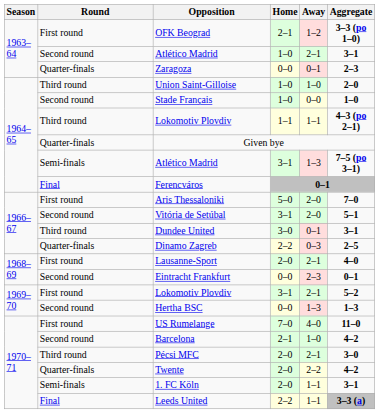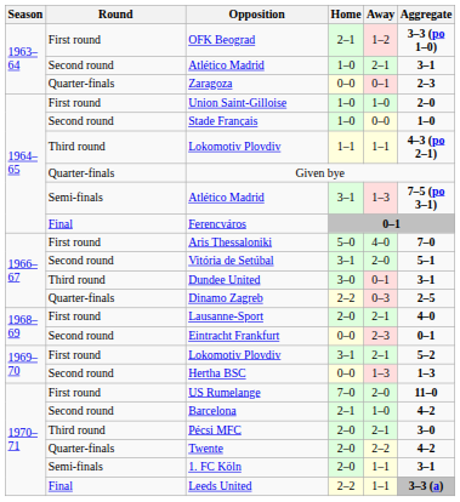 <table class="wikitable">
 <tr>
 <th>Season</th>
 <th width=200>Round</th>
 <th width=200>Opposition</th>
 <th>Home</th>
 <th>Away</th>
 <th>Aggregate</th>
 </tr>
 <tr>
 <td rowspan='3'><a href='#'>1963–64</a></td>
 <td>First round</td>
 <td> <a href='#'>OFK Beograd</a></td>
 <td style="text-align:center; background:#dfd;">2–1</td>
 <td style="text-align:center; background:#fdd;">1–2</td>
 <td style="text-align:center;"><strong>3–3 (<a href='#'>po</a> 1–0)</strong></td>
 </tr>
 <tr>
 <td>Second round</td>
 <td> <a href='#'>Atlético Madrid</a></td>
 <td style="text-align:center; background:#dfd;">1–0</td>
 <td style="text-align:center; background:#dfd;">2–1</td>
 <td style="text-align:center;"><strong>3–1</strong></td>
 </tr>
 <tr>
 <td>Quarter-finals</td>
 <td> <a href='#'>Zaragoza</a></td>
 <td style="text-align:center; background:#ffd;">0–0</td>
 <td style="text-align:center; background:#fdd;">0–1 </td>
 <td style="text-align:center;"><strong>2–3</strong></td>
 </tr>
 <tr>
 <td rowspan='6'><a href='#'>1964–65</a></td>
-<td>Third round</td>
+<td>First round</td>
 <td> <a href='#'>Union Saint-Gilloise</a></td>
 <td style="text-align:center; background:#dfd;">1–0</td>
 <td style="text-align:center; background:#dfd;">1–0</td>
 <td style="text-align:center;"><strong>2–0</strong></td>
 </tr>
 <tr>
 <td>Second round</td>
 <td> <a href='#'>Stade Français</a></td>
 <td style="text-align:center; background:#dfd;">1–0</td>
 <td style="text-align:center; background:#ffd;">0–0</td>
 <td style="text-align:center;"><strong>1–0</strong></td>
 </tr>
 <tr>
 <td>Third round</td>
 <td> <a href='#'>Lokomotiv Plovdiv</a></td>
 <td style="text-align:center; background:#ffd;">1–1</td>
 <td style="text-align:center; background:#ffd;">1–1</td>
 <td style="text-align:center;"><strong>4–3 (<a href='#'>po</a> 2–1)</strong></td>
 </tr>
 <tr>
 <td>Quarter-finals</td>
 <td colspan='4' align=center>Given bye</td>
 </tr>
 <tr>
 <td>Semi-finals</td>
 <td> <a href='#'>Atlético Madrid</a></td>
 <td style="text-align:center; background:#dfd;">3–1</td>
 <td style="text-align:center; background:#fdd;">1–3</td>
 <td style="text-align:center;"><strong>7–5 (<a href='#'>po</a> 3–1)</strong></td>
 </tr>
 <tr>
 <td><a href='#'>Final</a></td>
 <td> <a href='#'>Ferencváros</a></td>
 <td colspan=3 bgcolor=Silver style="text-align:center;"><strong>0–1</strong></td>
 </tr>
 <tr>
 <td rowspan='4'><a href='#'>1966–67</a></td>
 <td>First round</td>
 <td> <a href='#'>Aris Thessaloniki</a></td>
 <td style="text-align:center; background:#dfd;">5–0</td>
-<td style="text-align:center; background:#dfd;">2–0</td>
+<td style="text-align:center; background:#dfd;">4–0</td>
 <td style="text-align:center;"><strong>7–0</strong></td>
 </tr>
 <tr>
 <td>Second round</td>
 <td> <a href='#'>Vitória de Setúbal</a></td>
 <td style="text-align:center; background:#dfd;">3–1</td>
 <td style="text-align:center; background:#dfd;">2–0</td>
 <td style="text-align:center;"><strong>5–1</strong></td>
 </tr>
 <tr>
 <td>Third round</td>
 <td> <a href='#'>Dundee United</a></td>
 <td style="text-align:center; background:#dfd;">3–0</td>
 <td style="text-align:center; background:#fdd;">0–1</td>
 <td style="text-align:center;"><strong>3–1</strong></td>
 </tr>
 <tr>
 <td>Quarter-finals</td>
 <td> <a href='#'>Dinamo Zagreb</a></td>
 <td style="text-align:center; background:#ffd;">2–2</td>
 <td style="text-align:center; background:#fdd;">0–3</td>
 <td style="text-align:center;"><strong>2–5</strong></td>
 </tr>
 <tr>
 <td rowspan='2'><a href='#'>1968–69</a></td>
 <td>First round</td>
 <td> <a href='#'>Lausanne-Sport</a></td>
 <td style="text-align:center; background:#dfd;">2–0</td>
 <td style="text-align:center; background:#dfd;">2–1</td>
 <td style="text-align:center;"><strong>4–0</strong></td>
 </tr>
 <tr>
 <td>Second round</td>
 <td> <a href='#'>Eintracht Frankfurt</a></td>
 <td style="text-align:center; background:#ffd;">0–0</td>
 <td style="text-align:center; background:#fdd;">2–3</td>
 <td style="text-align:center;"><strong>0–1</strong></td>
 </tr>
 <tr>
 <td rowspan='2'><a href='#'>1969–70</a></td>
 <td>First round</td>
 <td> <a href='#'>Lokomotiv Plovdiv</a></td>
 <td style="text-align:center; background:#dfd;">3–1</td>
 <td style="text-align:center; background:#dfd;">2–1</td>
 <td style="text-align:center;"><strong>5–2</strong></td>
 </tr>
 <tr>
 <td>Second round</td>
 <td> <a href='#'>Hertha BSC</a></td>
 <td style="text-align:center; background:#ffd;">0–0</td>
 <td style="text-align:center; background:#fdd;">1–3</td>
 <td style="text-align:center;"><strong>1–3</strong></td>
 </tr>
 <tr>
 <td rowspan='6'><a href='#'>1970–71</a></td>
 <td>First round</td>
 <td> <a href='#'>US Rumelange</a></td>
 <td style="text-align:center; background:#dfd;">7–0</td>
-<td style="text-align:center; background:#dfd;">4–0</td>
+<td style="text-align:center; background:#dfd;">2–0</td>
 <td style="text-align:center;"><strong>11–0</strong></td>
 </tr>
 <tr>
 <td>Second round</td>
 <td> <a href='#'>Barcelona</a></td>
 <td style="text-align:center; background:#dfd;">2–1</td>
 <td style="text-align:center; background:#dfd;">1–0</td>
 <td style="text-align:center;"><strong>4–2</strong></td>
 </tr>
 <tr>
 <td>Third round</td>
 <td> <a href='#'>Pécsi MFC</a></td>
 <td style="text-align:center; background:#dfd;">2–0</td>
 <td style="text-align:center; background:#dfd;">2–1</td>
 <td style="text-align:center;"><strong>3–0</strong></td>
 </tr>
 <tr>
 <td>Quarter-finals</td>
 <td> <a href='#'>Twente</a></td>
 <td style="text-align:center; background:#dfd;">2–0</td>
 <td style="text-align:center; background:#ffd;">2–2 </td>
 <td style="text-align:center;"><strong>4–2</strong></td>
 </tr>
 <tr>
 <td>Semi-finals</td>
 <td> <a href='#'>1. FC Köln</a></td>
 <td style="text-align:center; background:#dfd;">2–0</td>
 <td style="text-align:center; background:#ffd;">1–1</td>
 <td style="text-align:center;"><strong>3–1</strong></td>
 </tr>
 <tr>
 <td><a href='#'>Final</a></td>
 <td> <a href='#'>Leeds United</a></td>
 <td style="text-align:center; background:#ffd;">2–2</td>
 <td style="text-align:center; background:#ffd;">1–1</td>
 <td bgcolor=Silver style="text-align:center;"><strong>3–3 (<a href='#'>a</a>)</strong></td>
 </tr>
 </table>
